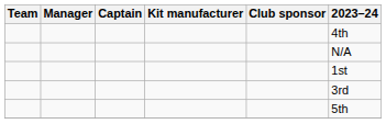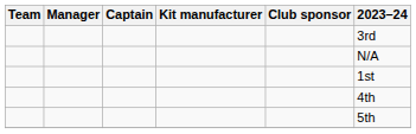 <table class="wikitable sortable" style="text-align: left;">
 <tr>
 <th>Team</th>
 <th>Manager</th>
 <th>Captain</th>
 <th>Kit manufacturer</th>
 <th>Club sponsor</th>
 <th>2023–24</th>
 </tr>
 <tr>
 <td></td>
 <td></td>
 <td></td>
 <td></td>
 <td></td>
-<td>4th</td>
+<td>3rd</td>
 </tr>
 <tr>
 <td></td>
 <td></td>
 <td></td>
 <td></td>
 <td></td>
 <td>N/A</td>
 </tr>
 <tr>
 <td></td>
 <td></td>
 <td></td>
 <td></td>
 <td></td>
 <td>1st</td>
 </tr>
 <tr>
 <td></td>
 <td></td>
 <td></td>
 <td></td>
 <td></td>
-<td>3rd</td>
+<td>4th</td>
 </tr>
 <tr>
 <td></td>
 <td></td>
 <td></td>
 <td></td>
 <td></td>
 <td>5th</td>
 </tr>
 <tr>
 </tr>
 </table>
